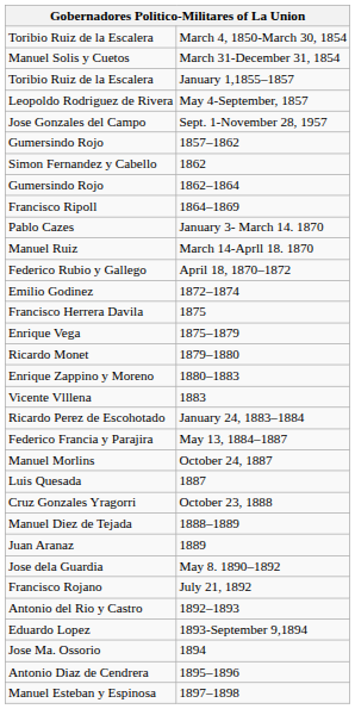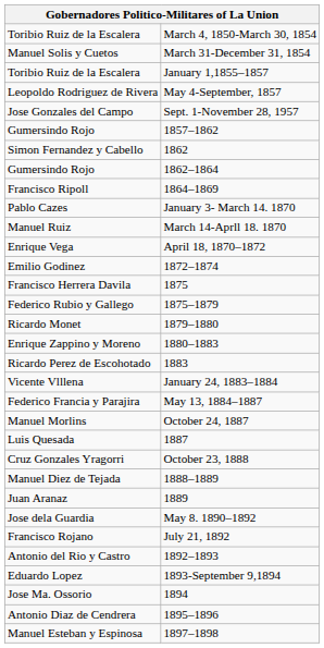 <table class="wikitable">
 <tr>
 <th colspan="2">Gobernadores Politico-Militares of La Union</th>
 </tr>
 <tr>
 <td>Toribio Ruiz de la Escalera</td>
 <td>March 4, 1850-March 30, 1854</td>
 </tr>
 <tr>
 <td>Manuel Solis y Cuetos</td>
 <td>March 31-December 31, 1854</td>
 </tr>
 <tr>
 <td>Toribio Ruiz de la Escalera</td>
 <td>January 1,1855–1857</td>
 </tr>
 <tr>
 <td>Leopoldo Rodriguez de Rivera</td>
 <td>May 4-September, 1857</td>
 </tr>
 <tr>
 <td>Jose Gonzales del Campo</td>
 <td>Sept. 1-November 28, 1957</td>
 </tr>
 <tr>
 <td>Gumersindo Rojo</td>
 <td>1857–1862</td>
 </tr>
 <tr>
 <td>Simon Fernandez y Cabello</td>
 <td>1862</td>
 </tr>
 <tr>
 <td>Gumersindo Rojo</td>
 <td>1862–1864</td>
 </tr>
 <tr>
 <td>Francisco Ripoll</td>
 <td>1864–1869</td>
 </tr>
 <tr>
 <td>Pablo Cazes</td>
 <td>January 3- March 14. 1870</td>
 </tr>
 <tr>
 <td>Manuel Ruiz</td>
 <td>March 14-Aprll 18. 1870</td>
 </tr>
 <tr>
-<td>Federico Rubio y Gallego</td>
+<td>Enrique Vega</td>
 <td>April 18, 1870–1872</td>
 </tr>
 <tr>
 <td>Emilio Godinez</td>
 <td>1872–1874</td>
 </tr>
 <tr>
 <td>Francisco Herrera Davila</td>
 <td>1875</td>
 </tr>
 <tr>
-<td>Enrique Vega</td>
+<td>Federico Rubio y Gallego</td>
 <td>1875–1879</td>
 </tr>
 <tr>
 <td>Ricardo Monet</td>
 <td>1879–1880</td>
 </tr>
 <tr>
 <td>Enrique Zappino y Moreno</td>
 <td>1880–1883</td>
 </tr>
 <tr>
-<td>Vicente Vlllena</td>
+<td>Ricardo Perez de Escohotado</td>
 <td>1883</td>
 </tr>
 <tr>
-<td>Ricardo Perez de Escohotado</td>
+<td>Vicente Vlllena</td>
 <td>January 24, 1883–1884</td>
 </tr>
 <tr>
 <td>Federico Francia y Parajira</td>
 <td>May 13, 1884–1887</td>
 </tr>
 <tr>
 <td>Manuel Morlins</td>
 <td>October 24, 1887</td>
 </tr>
 <tr>
 <td>Luis Quesada</td>
 <td>1887</td>
 </tr>
 <tr>
 <td>Cruz Gonzales Yragorri</td>
 <td>October 23, 1888</td>
 </tr>
 <tr>
 <td>Manuel Diez de Tejada</td>
 <td>1888–1889</td>
 </tr>
 <tr>
 <td>Juan Aranaz</td>
 <td>1889</td>
 </tr>
 <tr>
 <td>Jose dela Guardia</td>
 <td>May 8. 1890–1892</td>
 </tr>
 <tr>
 <td>Francisco Rojano</td>
 <td>July 21, 1892</td>
 </tr>
 <tr>
 <td>Antonio del Rio y Castro</td>
 <td>1892–1893</td>
 </tr>
 <tr>
 <td>Eduardo Lopez</td>
 <td>1893-September 9,1894</td>
 </tr>
 <tr>
 <td>Jose Ma. Ossorio</td>
 <td>1894</td>
 </tr>
 <tr>
 <td>Antonio Diaz de Cendrera</td>
 <td>1895–1896</td>
 </tr>
 <tr>
 <td>Manuel Esteban y Espinosa</td>
 <td>1897–1898</td>
 </tr>
 </table>
